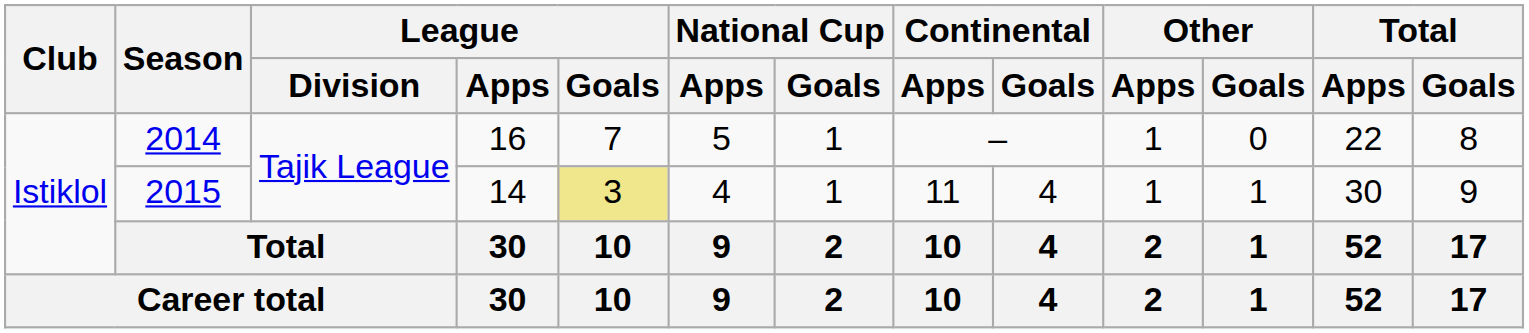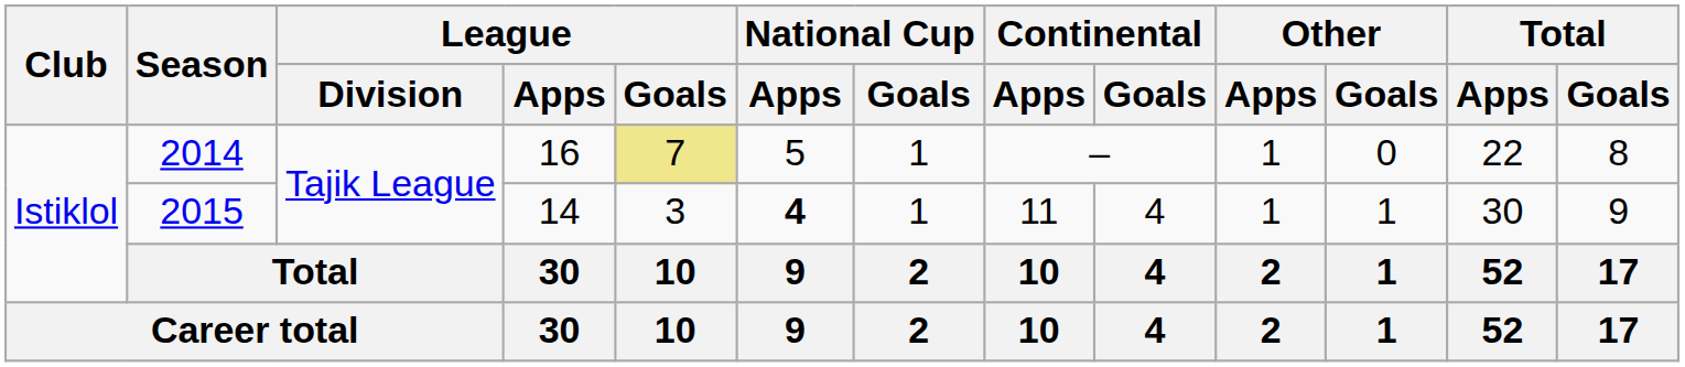 <table class="wikitable" style="text-align: center;">
 <tr>
 <th rowspan="2">Club</th>
 <th rowspan="2">Season</th>
 <th colspan="3">League</th>
 <th colspan="2">National Cup</th>
 <th colspan="2">Continental</th>
 <th colspan="2">Other</th>
 <th colspan="2">Total</th>
 </tr>
 <tr>
 <th>Division</th>
 <th>Apps</th>
 <th>Goals</th>
 <th>Apps</th>
 <th>Goals</th>
 <th>Apps</th>
 <th>Goals</th>
 <th>Apps</th>
 <th>Goals</th>
 <th>Apps</th>
 <th>Goals</th>
 </tr>
 <tr>
 <td rowspan="3" valign="center"><a href='#'>Istiklol</a></td>
 <td><a href='#'>2014</a></td>
 <td rowspan="2" valign="center"><a href='#'>Tajik League</a></td>
 <td>16</td>
-<td>7</td>
+<td style="background: khaki;">7</td>
 <td>5</td>
 <td>1</td>
 <td colspan="2">–</td>
 <td>1</td>
 <td>0</td>
 <td>22</td>
 <td>8</td>
 </tr>
 <tr>
 <td><a href='#'>2015</a></td>
 <td>14</td>
-<td style="background: khaki;">3</td>
-<td>4</td>
+<td>3</td>
+<td><strong>4</strong></td>
 <td>1</td>
 <td>11</td>
 <td>4</td>
 <td>1</td>
 <td>1</td>
 <td>30</td>
 <td>9</td>
 </tr>
 <tr>
 <th colspan="2">Total</th>
 <th>30</th>
 <th>10</th>
 <th>9</th>
 <th>2</th>
 <th>10</th>
 <th>4</th>
 <th>2</th>
 <th>1</th>
 <th>52</th>
 <th>17</th>
 </tr>
 <tr>
 <th colspan="3">Career total</th>
 <th>30</th>
 <th>10</th>
 <th>9</th>
 <th>2</th>
 <th>10</th>
 <th>4</th>
 <th>2</th>
 <th>1</th>
 <th>52</th>
 <th>17</th>
 </tr>
 </table>
